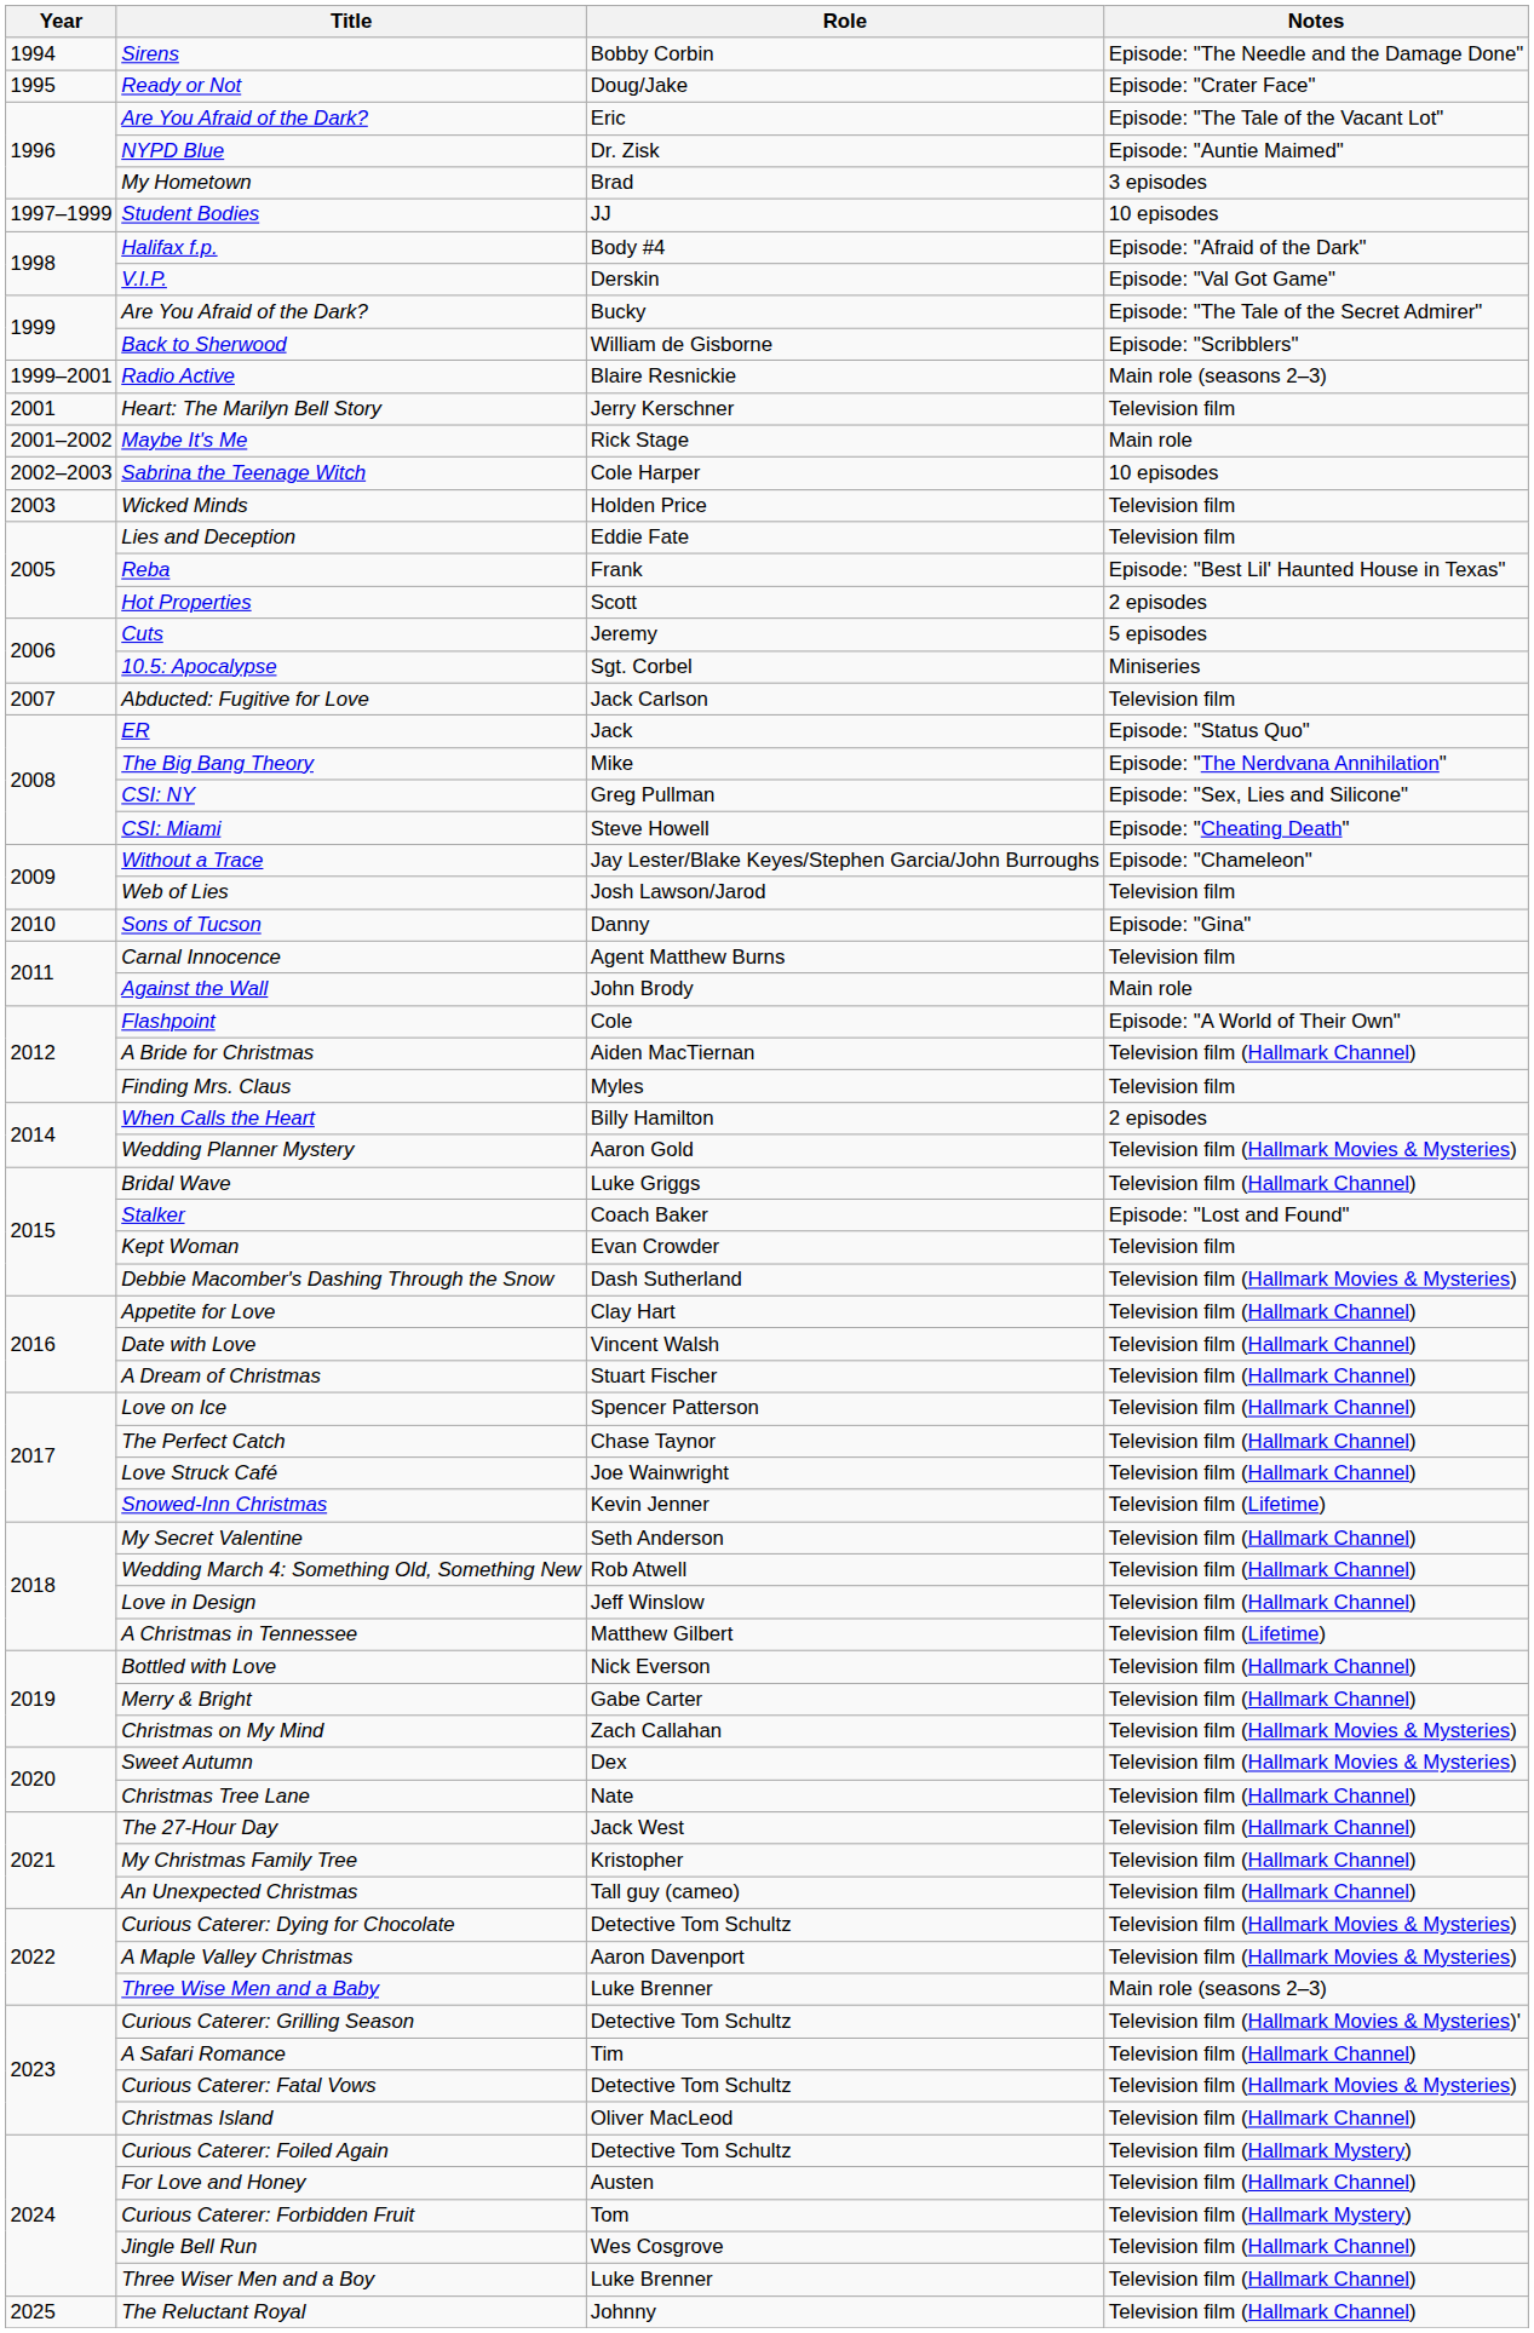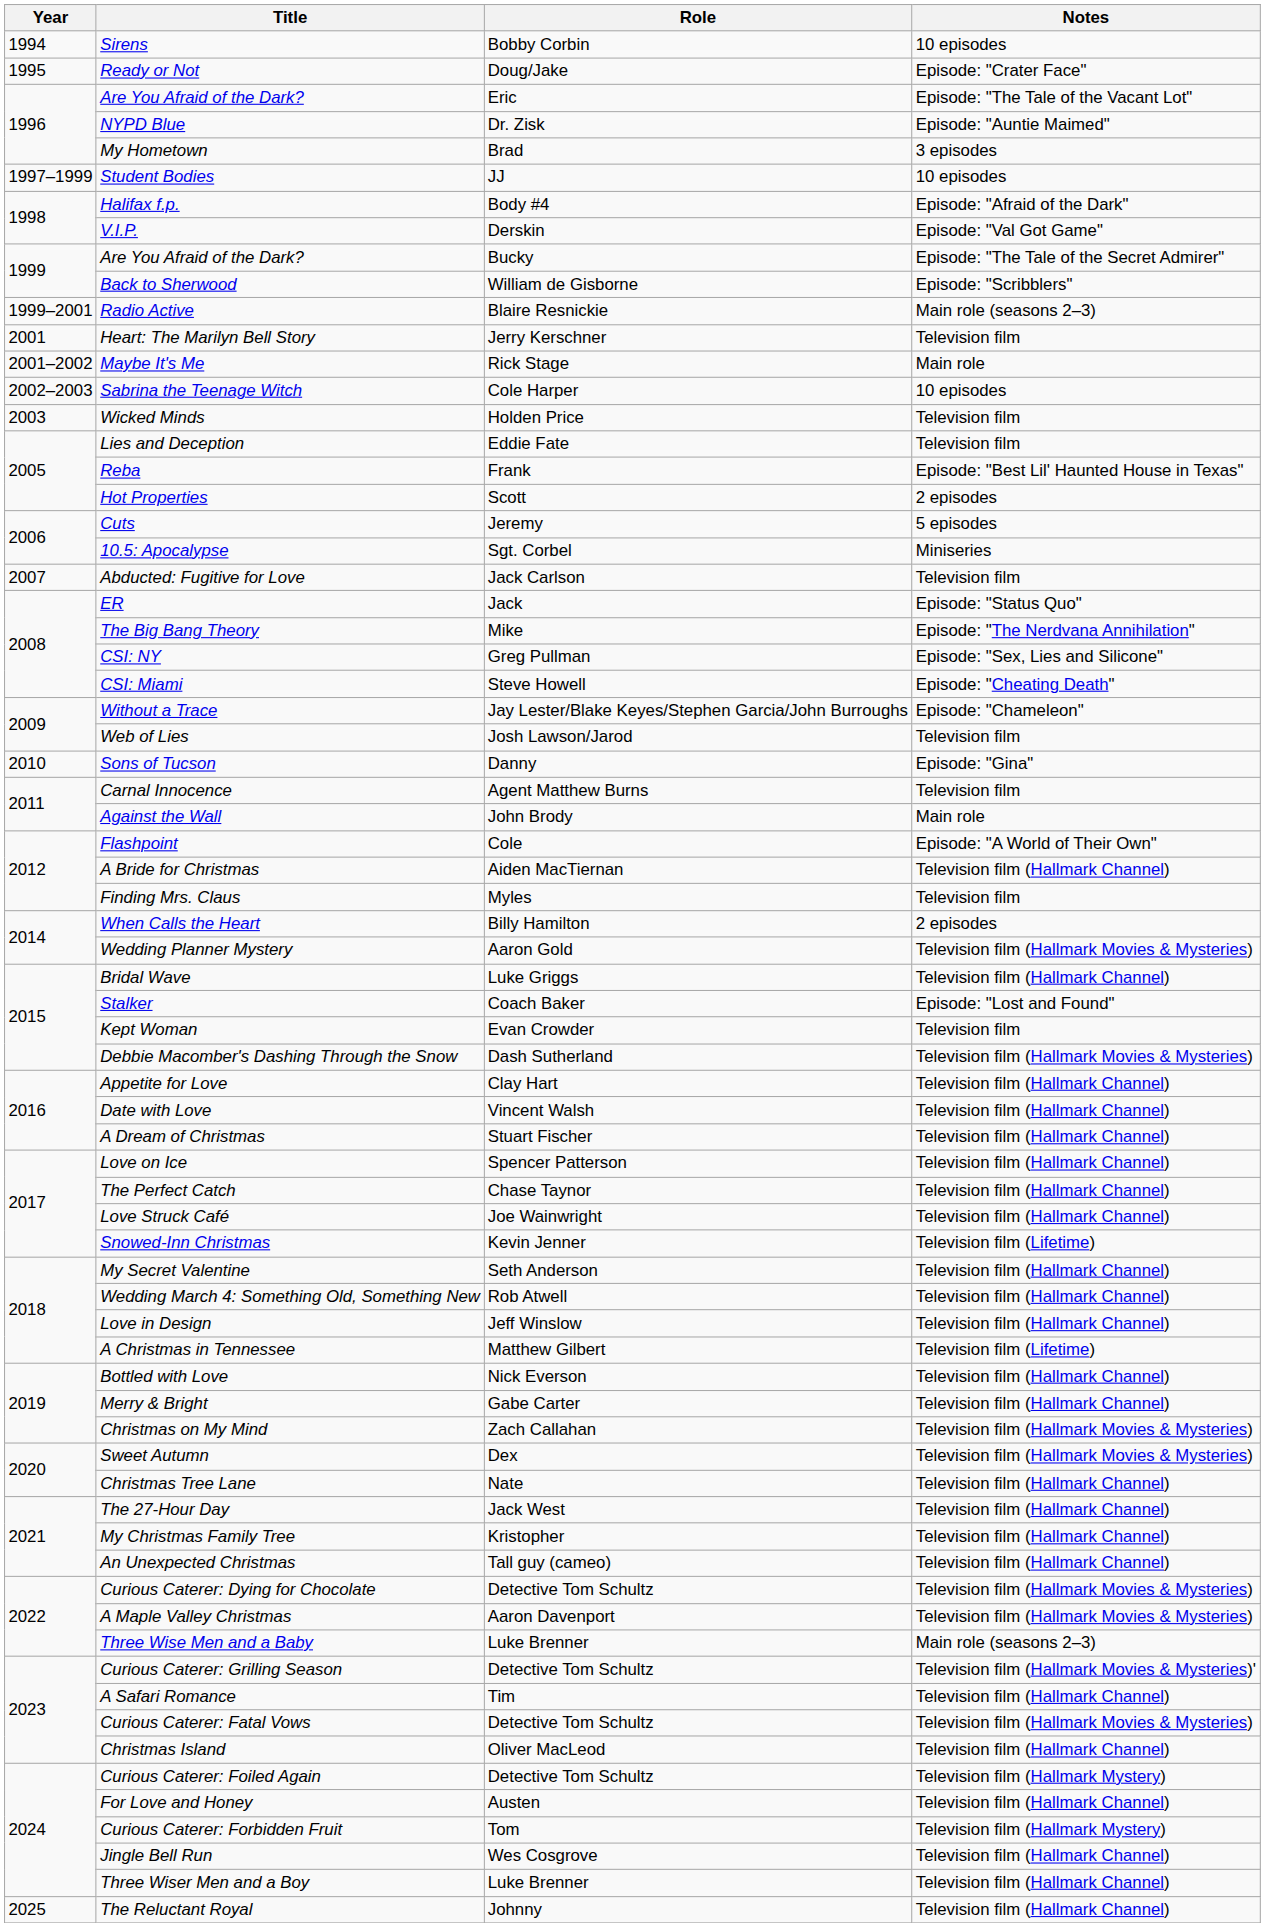 <table class="wikitable sortable">
 <tr>
 <th>Year</th>
 <th>Title</th>
 <th>Role</th>
 <th class="unsortable">Notes</th>
 </tr>
 <tr>
 <td>1994</td>
 <td><em><a href='#'>Sirens</a></em></td>
 <td>Bobby Corbin</td>
-<td>Episode: "The Needle and the Damage Done"</td>
+<td>10 episodes</td>
 </tr>
 <tr>
 <td>1995</td>
 <td><em><a href='#'>Ready or Not</a></em></td>
 <td>Doug/Jake</td>
 <td>Episode: "Crater Face"</td>
 </tr>
 <tr>
 <td rowspan="3">1996</td>
 <td><em><a href='#'>Are You Afraid of the Dark?</a></em></td>
 <td>Eric</td>
 <td>Episode: "The Tale of the Vacant Lot"</td>
 </tr>
 <tr>
 <td><em><a href='#'>NYPD Blue</a></em></td>
 <td>Dr. Zisk</td>
 <td>Episode: "Auntie Maimed"</td>
 </tr>
 <tr>
 <td><em>My Hometown</em></td>
 <td>Brad</td>
 <td>3 episodes</td>
 </tr>
 <tr>
 <td>1997–1999</td>
 <td><em><a href='#'>Student Bodies</a></em></td>
 <td>JJ</td>
 <td>10 episodes</td>
 </tr>
 <tr>
 <td rowspan="2">1998</td>
 <td><em><a href='#'>Halifax f.p.</a></em></td>
 <td>Body #4</td>
 <td>Episode: "Afraid of the Dark"</td>
 </tr>
 <tr>
 <td><em><a href='#'>V.I.P.</a></em></td>
 <td>Derskin</td>
 <td>Episode: "Val Got Game"</td>
 </tr>
 <tr>
 <td rowspan="2'">1999</td>
 <td><em>Are You Afraid of the Dark?</em></td>
 <td>Bucky</td>
 <td>Episode: "The Tale of the Secret Admirer"</td>
 </tr>
 <tr>
 <td><em><a href='#'>Back to Sherwood</a></em></td>
 <td>William de Gisborne</td>
 <td>Episode: "Scribblers"</td>
 </tr>
 <tr>
 <td>1999–2001</td>
 <td><em><a href='#'>Radio Active</a></em></td>
 <td>Blaire Resnickie</td>
 <td>Main role (seasons 2–3)</td>
 </tr>
 <tr>
 <td>2001</td>
 <td><em>Heart: The Marilyn Bell Story</em></td>
 <td>Jerry Kerschner</td>
 <td>Television film</td>
 </tr>
 <tr>
 <td>2001–2002</td>
 <td><em><a href='#'>Maybe It's Me</a></em></td>
 <td>Rick Stage</td>
 <td>Main role</td>
 </tr>
 <tr>
 <td>2002–2003</td>
 <td><em><a href='#'>Sabrina the Teenage Witch</a></em></td>
 <td>Cole Harper</td>
 <td>10 episodes</td>
 </tr>
 <tr>
 <td>2003</td>
 <td><em>Wicked Minds</em></td>
 <td>Holden Price</td>
 <td>Television film</td>
 </tr>
 <tr>
 <td rowspan="3">2005</td>
 <td><em>Lies and Deception</em></td>
 <td>Eddie Fate</td>
 <td>Television film</td>
 </tr>
 <tr>
 <td><em><a href='#'>Reba</a></em></td>
 <td>Frank</td>
 <td>Episode: "Best Lil' Haunted House in Texas"</td>
 </tr>
 <tr>
 <td><em><a href='#'>Hot Properties</a></em></td>
 <td>Scott</td>
 <td>2 episodes</td>
 </tr>
 <tr>
 <td rowspan="2">2006</td>
 <td><em><a href='#'>Cuts</a></em></td>
 <td>Jeremy</td>
 <td>5 episodes</td>
 </tr>
 <tr>
 <td><em><a href='#'>10.5: Apocalypse</a></em></td>
 <td>Sgt. Corbel</td>
 <td>Miniseries</td>
 </tr>
 <tr>
 <td>2007</td>
 <td><em>Abducted: Fugitive for Love</em></td>
 <td>Jack Carlson</td>
 <td>Television film</td>
 </tr>
 <tr>
 <td rowspan="4">2008</td>
 <td><em><a href='#'>ER</a></em></td>
 <td>Jack</td>
 <td>Episode: "Status Quo"</td>
 </tr>
 <tr>
 <td data-sort-value="Big Bang Theory, The"><em><a href='#'>The Big Bang Theory</a></em></td>
 <td>Mike</td>
 <td>Episode: "<a href='#'>The Nerdvana Annihilation</a>"</td>
 </tr>
 <tr>
 <td><em><a href='#'>CSI: NY</a></em></td>
 <td>Greg Pullman</td>
 <td>Episode: "Sex, Lies and Silicone"</td>
 </tr>
 <tr>
 <td><em><a href='#'>CSI: Miami</a></em></td>
 <td>Steve Howell</td>
 <td>Episode: "<a href='#'>Cheating Death</a>"</td>
 </tr>
 <tr>
 <td rowspan="2">2009</td>
 <td><em><a href='#'>Without a Trace</a></em></td>
 <td>Jay Lester/Blake Keyes/Stephen Garcia/John Burroughs</td>
 <td>Episode: "Chameleon"</td>
 </tr>
 <tr>
 <td><em>Web of Lies</em></td>
 <td>Josh Lawson/Jarod</td>
 <td>Television film</td>
 </tr>
 <tr>
 <td>2010</td>
 <td><em><a href='#'>Sons of Tucson</a></em></td>
 <td>Danny</td>
 <td>Episode: "Gina"</td>
 </tr>
 <tr>
 <td rowspan="2">2011</td>
 <td><em>Carnal Innocence</em></td>
 <td>Agent Matthew Burns</td>
 <td>Television film</td>
 </tr>
 <tr>
 <td><em><a href='#'>Against the Wall</a></em></td>
 <td>John Brody</td>
 <td>Main role</td>
 </tr>
 <tr>
 <td rowspan="3">2012</td>
 <td><em><a href='#'>Flashpoint</a></em></td>
 <td>Cole</td>
 <td>Episode: "A World of Their Own"</td>
 </tr>
 <tr>
 <td data-sort-value="Bride for Christmas, A"><em>A Bride for Christmas</em></td>
 <td>Aiden MacTiernan</td>
 <td>Television film (<a href='#'>Hallmark Channel</a>)</td>
 </tr>
 <tr>
 <td><em>Finding Mrs. Claus</em></td>
 <td>Myles</td>
 <td>Television film</td>
 </tr>
 <tr>
 <td rowspan="2">2014</td>
 <td><em><a href='#'>When Calls the Heart</a></em></td>
 <td>Billy Hamilton</td>
 <td>2 episodes</td>
 </tr>
 <tr>
 <td><em>Wedding Planner Mystery</em></td>
 <td>Aaron Gold</td>
 <td>Television film (<a href='#'>Hallmark Movies & Mysteries</a>)</td>
 </tr>
 <tr>
 <td rowspan="4">2015</td>
 <td><em>Bridal Wave</em></td>
 <td>Luke Griggs</td>
 <td>Television film (<a href='#'>Hallmark Channel</a>)</td>
 </tr>
 <tr>
 <td><em><a href='#'>Stalker</a></em></td>
 <td>Coach Baker</td>
 <td>Episode: "Lost and Found"</td>
 </tr>
 <tr>
 <td><em>Kept Woman</em></td>
 <td>Evan Crowder</td>
 <td>Television film</td>
 </tr>
 <tr>
 <td><em>Debbie Macomber's Dashing Through the Snow</em></td>
 <td>Dash Sutherland</td>
 <td>Television film (<a href='#'>Hallmark Movies & Mysteries</a>)</td>
 </tr>
 <tr>
 <td rowspan="3">2016</td>
 <td><em>Appetite for Love</em></td>
 <td>Clay Hart</td>
 <td>Television film (<a href='#'>Hallmark Channel</a>)</td>
 </tr>
 <tr>
 <td><em>Date with Love</em></td>
 <td>Vincent Walsh</td>
 <td>Television film (<a href='#'>Hallmark Channel</a>)</td>
 </tr>
 <tr>
 <td data-sort-value="Dream of Christmas, A"><em>A Dream of Christmas</em></td>
 <td>Stuart Fischer</td>
 <td>Television film (<a href='#'>Hallmark Channel</a>)</td>
 </tr>
 <tr>
 <td rowspan="4">2017</td>
 <td><em>Love on Ice</em></td>
 <td>Spencer Patterson</td>
 <td>Television film (<a href='#'>Hallmark Channel</a>)</td>
 </tr>
 <tr>
 <td data-sort-value="Perfect Catch, The"><em>The Perfect Catch</em></td>
 <td>Chase Taynor</td>
 <td>Television film (<a href='#'>Hallmark Channel</a>)</td>
 </tr>
 <tr>
 <td><em>Love Struck Café</em></td>
 <td>Joe Wainwright</td>
 <td>Television film (<a href='#'>Hallmark Channel</a>)</td>
 </tr>
 <tr>
 <td><em><a href='#'>Snowed-Inn Christmas</a></em></td>
 <td>Kevin Jenner</td>
 <td>Television film (<a href='#'>Lifetime</a>)</td>
 </tr>
 <tr>
 <td rowspan="4">2018</td>
 <td><em>My Secret Valentine</em></td>
 <td>Seth Anderson</td>
 <td>Television film (<a href='#'>Hallmark Channel</a>)</td>
 </tr>
 <tr>
 <td><em>Wedding March 4: Something Old, Something New</em></td>
 <td>Rob Atwell</td>
 <td>Television film (<a href='#'>Hallmark Channel</a>)</td>
 </tr>
 <tr>
 <td><em>Love in Design</em></td>
 <td>Jeff Winslow</td>
 <td>Television film (<a href='#'>Hallmark Channel</a>)</td>
 </tr>
 <tr>
 <td data-sort-value="Christmas in Tennessee, A"><em>A Christmas in Tennessee</em></td>
 <td>Matthew Gilbert</td>
 <td>Television film (<a href='#'>Lifetime</a>)</td>
 </tr>
 <tr>
 <td rowspan="3">2019</td>
 <td><em>Bottled with Love</em></td>
 <td>Nick Everson</td>
 <td>Television film (<a href='#'>Hallmark Channel</a>)</td>
 </tr>
 <tr>
 <td><em>Merry & Bright</em></td>
 <td>Gabe Carter</td>
 <td>Television film (<a href='#'>Hallmark Channel</a>)</td>
 </tr>
 <tr>
 <td><em>Christmas on My Mind</em></td>
 <td>Zach Callahan</td>
 <td>Television film (<a href='#'>Hallmark Movies & Mysteries</a>)</td>
 </tr>
 <tr>
 <td rowspan="2">2020</td>
 <td><em>Sweet Autumn</em></td>
 <td>Dex</td>
 <td>Television film (<a href='#'>Hallmark Movies & Mysteries</a>)</td>
 </tr>
 <tr>
 <td><em>Christmas Tree Lane</em></td>
 <td>Nate</td>
 <td>Television film (<a href='#'>Hallmark Channel</a>)</td>
 </tr>
 <tr>
 <td rowspan="3">2021</td>
 <td data-sort-value="27-Hour Day, The"><em>The 27-Hour Day</em></td>
 <td>Jack West</td>
 <td>Television film (<a href='#'>Hallmark Channel</a>)</td>
 </tr>
 <tr>
 <td><em>My Christmas Family Tree</em></td>
 <td>Kristopher</td>
 <td>Television film (<a href='#'>Hallmark Channel</a>)</td>
 </tr>
 <tr>
 <td><em>An Unexpected Christmas</em></td>
 <td>Tall guy (cameo)</td>
 <td>Television film (<a href='#'>Hallmark Channel</a>)</td>
 </tr>
 <tr>
 <td rowspan="3">2022</td>
 <td><em>Curious Caterer: Dying for Chocolate</em></td>
 <td>Detective Tom Schultz</td>
 <td>Television film (<a href='#'>Hallmark Movies & Mysteries</a>)</td>
 </tr>
 <tr>
 <td data-sort-value="Maple Valley Christmas, A"><em>A Maple Valley Christmas</em></td>
 <td>Aaron Davenport</td>
 <td>Television film (<a href='#'>Hallmark Movies & Mysteries</a>)</td>
 </tr>
 <tr>
 <td><em><a href='#'>Three Wise Men and a Baby</a></em></td>
 <td>Luke Brenner</td>
 <td>Main role (seasons 2–3)</td>
 </tr>
 <tr>
 <td rowspan=4>2023</td>
 <td><em>Curious Caterer: Grilling Season</em></td>
 <td>Detective Tom Schultz</td>
 <td>Television film (<a href='#'>Hallmark Movies & Mysteries</a>)'</td>
 </tr>
 <tr>
 <td data-sort-value="Safari Romance, A"><em>A Safari Romance</em></td>
 <td>Tim</td>
 <td>Television film (<a href='#'>Hallmark Channel</a>)</td>
 </tr>
 <tr>
 <td><em>Curious Caterer: Fatal Vows</em></td>
 <td>Detective Tom Schultz</td>
 <td>Television film (<a href='#'>Hallmark Movies & Mysteries</a>)</td>
 </tr>
 <tr>
 <td><em>Christmas Island</em></td>
 <td>Oliver MacLeod</td>
 <td>Television film (<a href='#'>Hallmark Channel</a>)</td>
 </tr>
 <tr>
 <td rowspan=5>2024</td>
 <td><em>Curious Caterer: Foiled Again</em></td>
 <td>Detective Tom Schultz</td>
 <td>Television film (<a href='#'>Hallmark Mystery</a>)</td>
 </tr>
 <tr>
 <td><em>For Love and Honey</em></td>
 <td>Austen</td>
 <td>Television film (<a href='#'>Hallmark Channel</a>)</td>
 </tr>
 <tr>
 <td><em>Curious Caterer: Forbidden Fruit</em></td>
 <td>Tom</td>
 <td>Television film (<a href='#'>Hallmark Mystery</a>)</td>
 </tr>
 <tr>
 <td><em>Jingle Bell Run</em></td>
 <td>Wes Cosgrove</td>
 <td>Television film (<a href='#'>Hallmark Channel</a>)</td>
 </tr>
 <tr>
 <td><em>Three Wiser Men and a Boy</em></td>
 <td>Luke Brenner</td>
 <td>Television film (<a href='#'>Hallmark Channel</a>)</td>
 </tr>
 <tr>
 <td>2025</td>
 <td><em>The Reluctant Royal</em></td>
 <td>Johnny</td>
 <td>Television film (<a href='#'>Hallmark Channel</a>)</td>
 </tr>
 </table>
